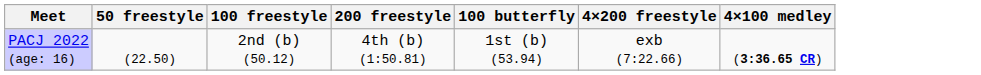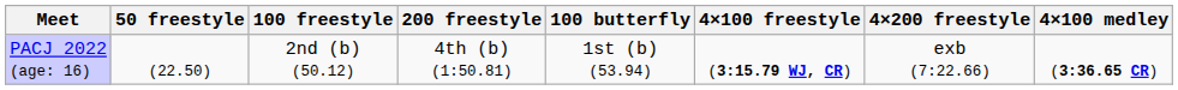 <table class="sortable wikitable">
 <tr>
 <th>Meet</th>
 <th class="unsortable">50 freestyle</th>
 <th class="unsortable">100 freestyle</th>
 <th class="unsortable">200 freestyle</th>
 <th class="unsortable">100 butterfly</th>
+<th class="unsortable">4×100 freestyle</th>
 <th class="unsortable">4×200 freestyle</th>
 <th class="unsortable">4×100 medley</th>
 </tr>
 <tr>
 <td style="background:#ccccff"><a href='#'>PACJ 2022</a><br><small>(age: 16)</small></td>
 <td align="center"><br><small>(22.50)</small></td>
 <td align="center">2nd (b)<br><small>(50.12)</small></td>
 <td align="center">4th (b)<br><small>(1:50.81)</small></td>
 <td align="center">1st (b)<br><small>(53.94)</small></td>
+<td align="center"><br><small>(<strong>3:15.79 <a href='#'>WJ</a>, <a href='#'>CR</a></strong>)</small></td>
 <td align="center">exb<br><small>(7:22.66)</small></td>
 <td align="center"><br><small>(<strong>3:36.65 <a href='#'>CR</a></strong>)</small></td>
 </tr>
 </table>
